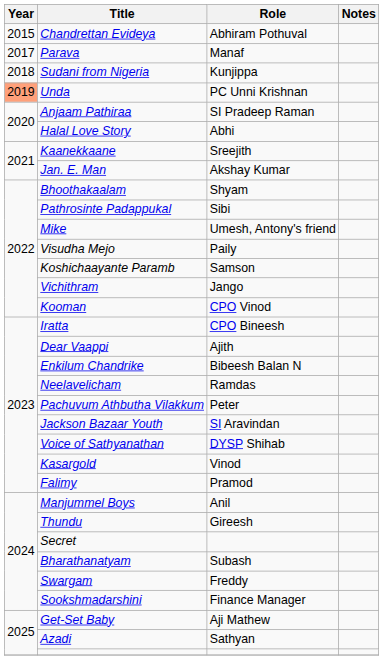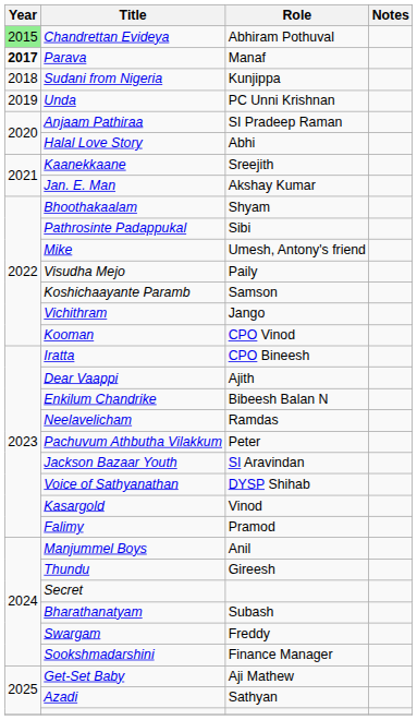 <table class="wikitable sortable">
 <tr>
 <th>Year</th>
 <th>Title</th>
 <th>Role</th>
 <th class="unsortable">Notes</th>
 </tr>
 <tr>
-<td>2015</td>
+<td style="background: lightgreen;">2015</td>
 <td><em><a href='#'>Chandrettan Evideya</a></em></td>
 <td>Abhiram Pothuval</td>
 <td></td>
 </tr>
 <tr>
-<td>2017</td>
+<td><strong>2017</strong></td>
 <td><em><a href='#'>Parava</a></em></td>
 <td>Manaf</td>
 <td></td>
 </tr>
 <tr>
 <td>2018</td>
 <td><em><a href='#'>Sudani from Nigeria</a></em></td>
 <td>Kunjippa</td>
 <td></td>
 </tr>
 <tr>
-<td style="background: lightsalmon;">2019</td>
+<td>2019</td>
 <td><em><a href='#'>Unda</a></em></td>
 <td>PC Unni Krishnan</td>
 <td></td>
 </tr>
 <tr>
 <td rowspan=2>2020</td>
 <td><em><a href='#'>Anjaam Pathiraa</a></em></td>
 <td>SI Pradeep Raman</td>
 <td></td>
 </tr>
 <tr>
 <td><em><a href='#'>Halal Love Story</a></em></td>
 <td>Abhi</td>
 <td></td>
 </tr>
 <tr>
 <td rowspan=2>2021</td>
 <td><em><a href='#'>Kaanekkaane</a></em></td>
 <td>Sreejith</td>
 <td></td>
 </tr>
 <tr>
 <td><em><a href='#'>Jan. E. Man</a></em></td>
 <td>Akshay Kumar</td>
 <td></td>
 </tr>
 <tr>
 <td rowspan="7">2022</td>
 <td><em><a href='#'>Bhoothakaalam</a></em></td>
 <td>Shyam</td>
 <td></td>
 </tr>
 <tr>
 <td><em><a href='#'>Pathrosinte Padappukal</a></em></td>
 <td>Sibi</td>
 <td></td>
 </tr>
 <tr>
 <td><em><a href='#'>Mike</a></em></td>
 <td>Umesh, Antony's friend</td>
 <td></td>
 </tr>
 <tr>
 <td><em>Visudha Mejo</em></td>
 <td>Paily</td>
 <td></td>
 </tr>
 <tr>
 <td><em>Koshichaayante Paramb</em></td>
 <td>Samson</td>
 <td></td>
 </tr>
 <tr>
 <td><em><a href='#'>Vichithram</a></em></td>
 <td>Jango</td>
 <td></td>
 </tr>
 <tr>
 <td><em><a href='#'>Kooman</a></em></td>
 <td><a href='#'>CPO</a> Vinod</td>
 <td></td>
 </tr>
 <tr>
 <td rowspan="9">2023</td>
 <td><em><a href='#'>Iratta</a></em></td>
 <td><a href='#'>CPO</a> Bineesh</td>
 <td></td>
 </tr>
 <tr>
 <td><em><a href='#'>Dear Vaappi</a></em></td>
 <td>Ajith</td>
 <td></td>
 </tr>
 <tr>
 <td><em><a href='#'>Enkilum Chandrike</a></em></td>
 <td>Bibeesh Balan N</td>
 <td></td>
 </tr>
 <tr>
 <td><em><a href='#'>Neelavelicham</a></em></td>
 <td>Ramdas</td>
 <td></td>
 </tr>
 <tr>
 <td><em><a href='#'>Pachuvum Athbutha Vilakkum</a></em></td>
 <td>Peter</td>
 <td></td>
 </tr>
 <tr>
 <td><em><a href='#'>Jackson Bazaar Youth</a></em></td>
 <td><a href='#'>SI</a> Aravindan</td>
 <td></td>
 </tr>
 <tr>
 <td><em><a href='#'>Voice of Sathyanathan</a></em></td>
 <td><a href='#'>DYSP</a> Shihab</td>
 <td></td>
 </tr>
 <tr>
 <td><em><a href='#'>Kasargold</a></em></td>
 <td>Vinod</td>
 <td></td>
 </tr>
 <tr>
 <td><em><a href='#'>Falimy</a></em></td>
 <td>Pramod</td>
 <td></td>
 </tr>
 <tr>
 <td rowspan=6>2024</td>
 <td><em><a href='#'>Manjummel Boys</a></em></td>
 <td>Anil</td>
 <td></td>
 </tr>
 <tr>
 <td><em><a href='#'>Thundu</a></em></td>
 <td>Gireesh</td>
 <td></td>
 </tr>
 <tr>
 <td><em>Secret</em></td>
 <td></td>
 <td></td>
 </tr>
 <tr>
 <td><em><a href='#'>Bharathanatyam</a></em></td>
 <td>Subash</td>
 <td></td>
 </tr>
 <tr>
 <td><em><a href='#'>Swargam</a></em></td>
 <td>Freddy</td>
 <td></td>
 </tr>
 <tr>
 <td><em><a href='#'>Sookshmadarshini</a></em></td>
 <td>Finance Manager</td>
 <td></td>
 </tr>
 <tr>
 <td rowspan=3>2025</td>
 <td><em><a href='#'>Get-Set Baby</a></em></td>
 <td>Aji Mathew</td>
 <td></td>
 </tr>
 <tr>
 <td><em><a href='#'>Azadi</a></em></td>
 <td>Sathyan</td>
 <td></td>
 </tr>
 <tr>
 <td></td>
 <td></td>
 <td></td>
 </tr>
 <tr>
 </tr>
 </table>
